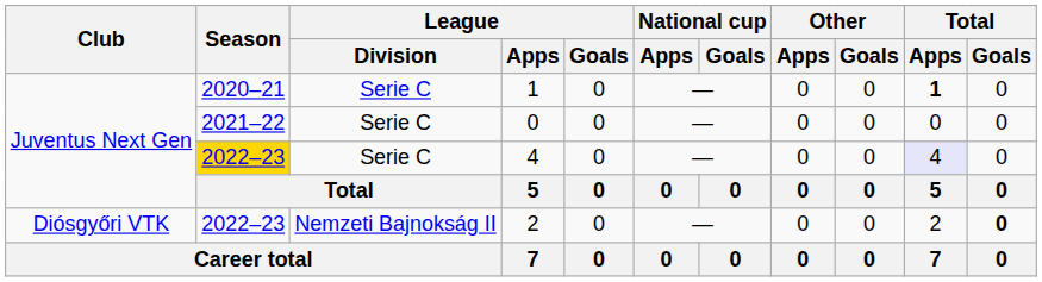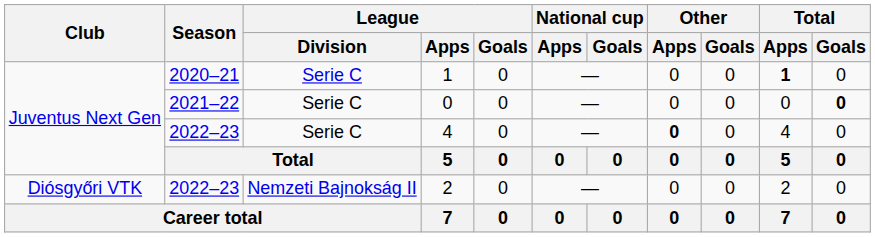 <table class="wikitable" style="text-align:center">
 <tr>
 <th rowspan="2">Club</th>
 <th rowspan="2">Season</th>
 <th colspan="3">League</th>
 <th colspan="2">National cup</th>
 <th colspan="2">Other</th>
 <th colspan="2">Total</th>
 </tr>
 <tr>
 <th>Division</th>
 <th>Apps</th>
 <th>Goals</th>
 <th>Apps</th>
 <th>Goals</th>
 <th>Apps</th>
 <th>Goals</th>
 <th>Apps</th>
 <th>Goals</th>
 </tr>
 <tr>
 <td rowspan="4"><a href='#'>Juventus Next Gen</a></td>
 <td><a href='#'>2020–21</a></td>
 <td><a href='#'>Serie C</a></td>
 <td>1</td>
 <td>0</td>
 <td colspan="2">—</td>
 <td>0</td>
 <td>0</td>
 <td><strong>1</strong></td>
 <td>0</td>
 </tr>
 <tr>
 <td><a href='#'>2021–22</a></td>
 <td>Serie C</td>
 <td>0</td>
 <td>0</td>
 <td colspan="2">—</td>
 <td>0</td>
 <td>0</td>
 <td>0</td>
-<td>0</td>
+<td><strong>0</strong></td>
 </tr>
 <tr>
-<td style="background: gold;"><a href='#'>2022–23</a></td>
+<td><a href='#'>2022–23</a></td>
 <td>Serie C</td>
 <td>4</td>
 <td>0</td>
 <td colspan="2">—</td>
+<td><strong>0</strong></td>
 <td>0</td>
-<td>0</td>
-<td style="background: lavender;">4</td>
+<td>4</td>
 <td>0</td>
 </tr>
 <tr>
 <th colspan="2">Total</th>
 <th>5</th>
 <th>0</th>
 <th>0</th>
 <th>0</th>
 <th>0</th>
 <th>0</th>
 <th>5</th>
 <th>0</th>
 </tr>
 <tr>
 <td><a href='#'>Diósgyőri VTK</a></td>
 <td><a href='#'>2022–23</a></td>
 <td><a href='#'>Nemzeti Bajnokság II</a></td>
 <td>2</td>
 <td>0</td>
 <td colspan="2">—</td>
 <td>0</td>
 <td>0</td>
 <td>2</td>
-<td><strong>0</strong></td>
+<td>0</td>
 </tr>
 <tr>
 <th colspan="3">Career total</th>
 <th>7</th>
 <th>0</th>
 <th>0</th>
 <th>0</th>
 <th>0</th>
 <th>0</th>
 <th>7</th>
 <th>0</th>
 </tr>
 </table>
